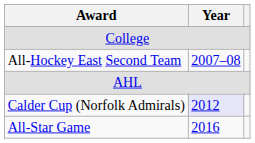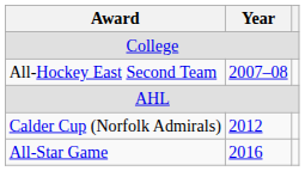 <table class="wikitable">
 <tr>
 <th>Award</th>
 <th>Year</th>
 <th></th>
 </tr>
 <tr ALIGN="center" bgcolor="#e0e0e0">
 <td colspan="3"><a href='#'>College</a></td>
 </tr>
 <tr>
 <td>All-<a href='#'>Hockey East</a> <a href='#'>Second Team</a></td>
 <td><a href='#'>2007–08</a></td>
 <td></td>
 </tr>
 <tr ALIGN="center" bgcolor="#e0e0e0">
 <td colspan="3"><a href='#'>AHL</a></td>
 </tr>
 <tr>
 <td><a href='#'>Calder Cup</a> (Norfolk Admirals)</td>
-<td style="background: lavender;"><a href='#'>2012</a></td>
+<td><a href='#'>2012</a></td>
 <td></td>
 </tr>
 <tr>
 <td><a href='#'>All-Star Game</a></td>
 <td><a href='#'>2016</a></td>
 <td></td>
 </tr>
 </table>
